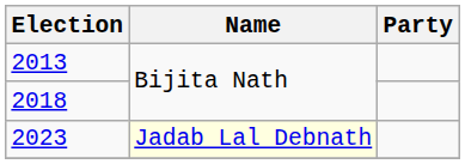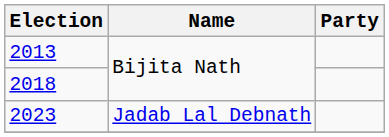 <table class="wikitable sortable">
 <tr>
 <th>Election</th>
 <th>Name</th>
 <th colspan=2>Party</th>
 </tr>
 <tr>
 <td><a href='#'>2013</a></td>
 <td rowspan=2>Bijita Nath</td>
 <td></td>
 </tr>
 <tr>
 <td><a href='#'>2018</a></td>
 </tr>
 <tr>
 <td><a href='#'>2023</a></td>
-<td style="background: lightyellow;"><a href='#'>Jadab Lal Debnath</a></td>
+<td><a href='#'>Jadab Lal Debnath</a></td>
 <td></td>
 </tr>
 <tr>
 </tr>
 </table>
